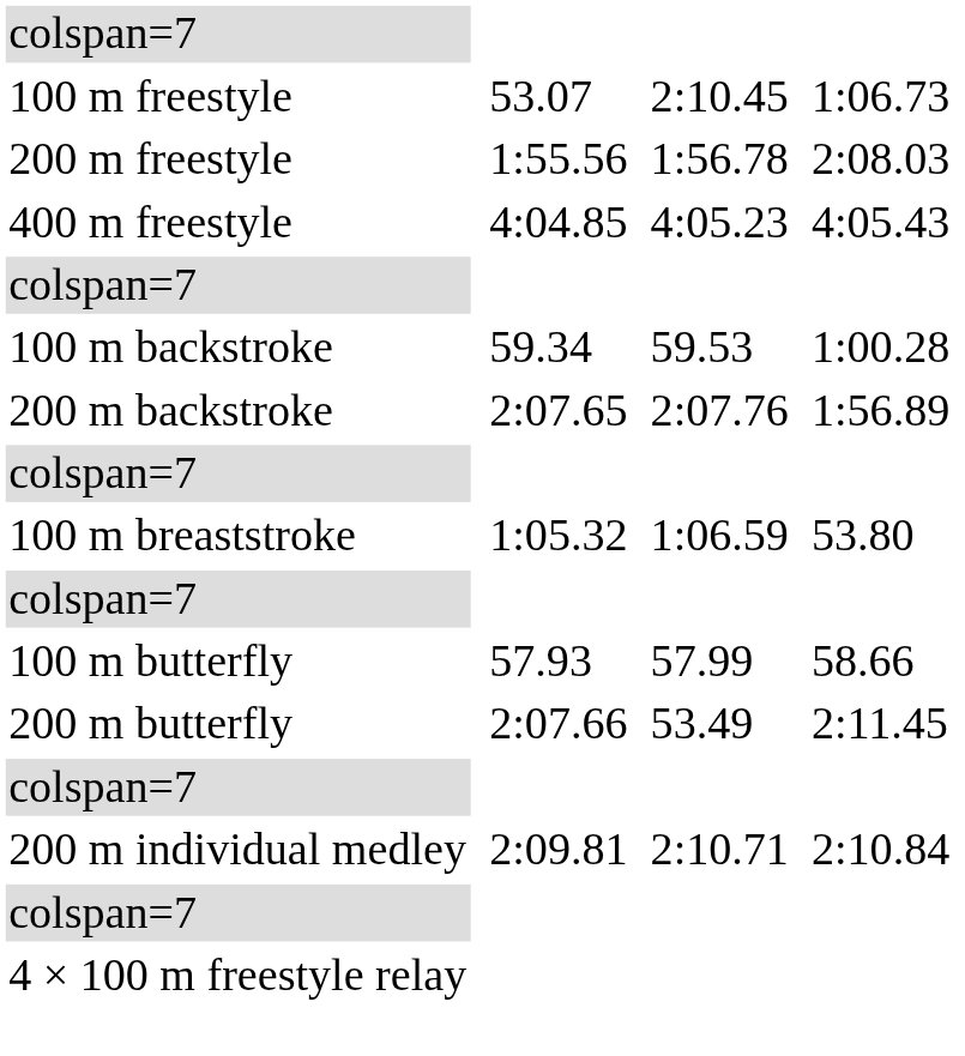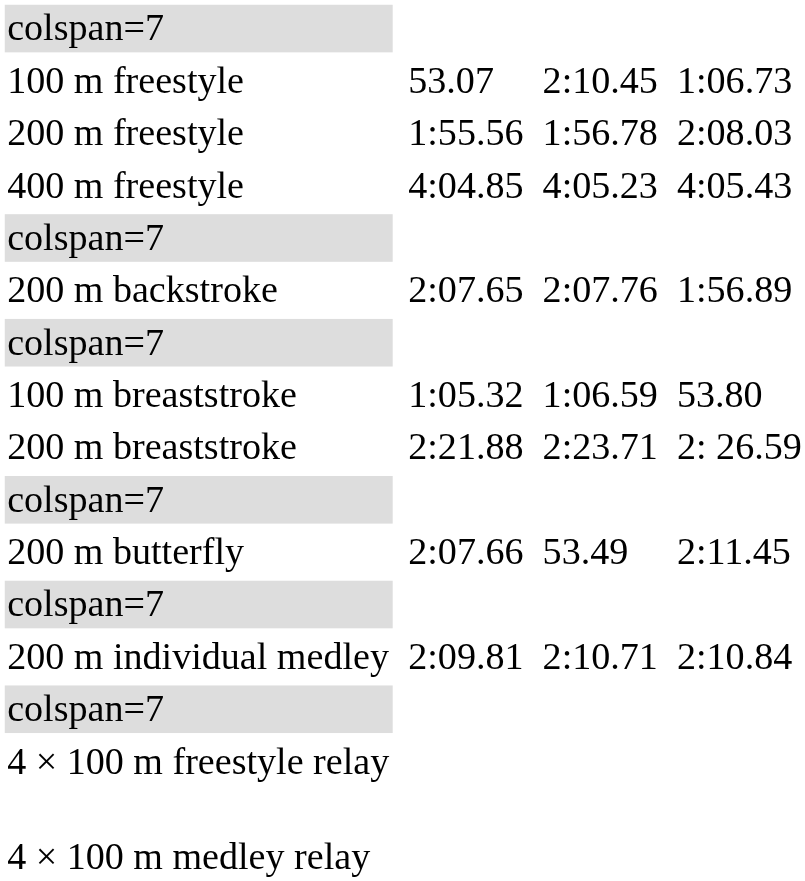 <table>
 <tr bgcolor=#DDDDDD>
 <td>colspan=7 </td>
 </tr>
 <tr>
 <td>100 m freestyle<br></td>
 <td></td>
 <td>53.07</td>
 <td></td>
 <td>2:10.45</td>
 <td></td>
 <td>1:06.73</td>
 </tr>
 <tr>
 <td>200 m freestyle<br></td>
 <td></td>
 <td>1:55.56</td>
 <td></td>
 <td>1:56.78</td>
 <td></td>
 <td>2:08.03</td>
 </tr>
 <tr>
 <td>400 m freestyle<br></td>
 <td></td>
 <td>4:04.85</td>
 <td></td>
 <td>4:05.23</td>
 <td></td>
 <td>4:05.43</td>
 </tr>
 <tr bgcolor=#DDDDDD>
 <td>colspan=7 </td>
 </tr>
 <tr>
-<td>100 m backstroke<br></td>
-<td></td>
-<td>59.34</td>
-<td></td>
-<td>59.53</td>
-<td></td>
-<td>1:00.28</td>
-</tr>
-<tr>
 <td>200 m backstroke<br></td>
 <td></td>
 <td>2:07.65</td>
 <td></td>
 <td>2:07.76</td>
 <td></td>
 <td>1:56.89</td>
 </tr>
 <tr bgcolor=#DDDDDD>
 <td>colspan=7 </td>
 </tr>
 <tr>
 <td>100 m breaststroke<br></td>
 <td></td>
 <td>1:05.32</td>
 <td></td>
 <td>1:06.59</td>
 <td></td>
 <td>53.80</td>
 </tr>
+<tr>
+<td>200 m breaststroke<br></td>
+<td></td>
+<td>2:21.88</td>
+<td></td>
+<td>2:23.71</td>
+<td></td>
+<td>2: 26.59</td>
+</tr>
 <tr bgcolor=#DDDDDD>
 <td>colspan=7 </td>
-</tr>
-<tr>
-<td>100 m butterfly<br></td>
-<td></td>
-<td>57.93</td>
-<td></td>
-<td>57.99</td>
-<td></td>
-<td>58.66</td>
 </tr>
 <tr>
 <td>200 m butterfly<br></td>
 <td></td>
 <td>2:07.66</td>
 <td></td>
 <td>53.49</td>
 <td></td>
 <td>2:11.45</td>
 </tr>
 <tr bgcolor=#DDDDDD>
 <td>colspan=7 </td>
 </tr>
 <tr>
 <td>200 m individual medley<br></td>
 <td></td>
 <td>2:09.81</td>
 <td></td>
 <td>2:10.71</td>
 <td></td>
 <td>2:10.84</td>
 </tr>
 <tr bgcolor=#DDDDDD>
 <td>colspan=7 </td>
 </tr>
 <tr>
 <td>4 × 100 m freestyle relay<br><br></td>
 <td></td>
 <td></td>
 <td></td>
 <td></td>
 <td></td>
 <td></td>
 </tr>
+<tr>
+<td>4 × 100 m medley relay<br><br></td>
+<td></td>
+<td></td>
+<td></td>
+<td></td>
+<td></td>
+<td></td>
+</tr>
 </table>
